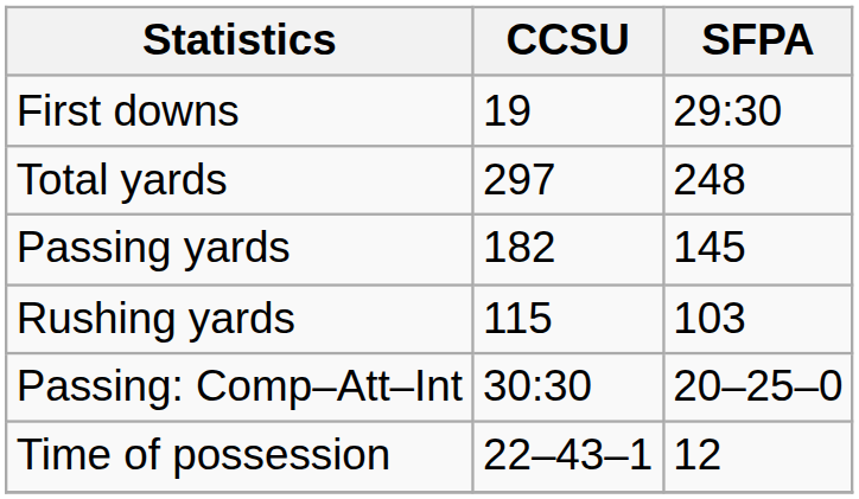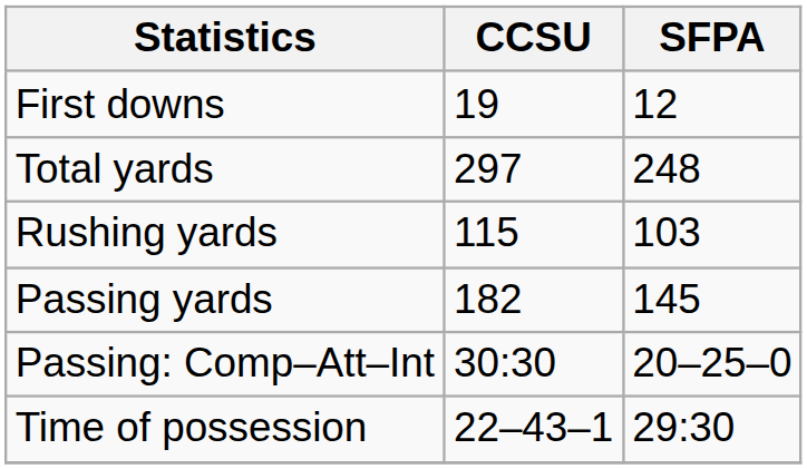 <table class="wikitable" style="float: left;">
 <tr>
 <th>Statistics</th>
 <th>CCSU</th>
 <th>SFPA</th>
 </tr>
 <tr>
 <td>First downs</td>
 <td>19</td>
-<td>29:30</td>
+<td>12</td>
 </tr>
 <tr>
 <td>Total yards</td>
 <td>297</td>
 <td>248</td>
 </tr>
 <tr>
+<td>Rushing yards</td>
+<td>115</td>
+<td>103</td>
+</tr>
+<tr>
 <td>Passing yards</td>
 <td>182</td>
 <td>145</td>
-</tr>
-<tr>
-<td>Rushing yards</td>
-<td>115</td>
-<td>103</td>
 </tr>
 <tr>
 <td>Passing: Comp–Att–Int</td>
 <td>30:30</td>
 <td>20–25–0</td>
 </tr>
 <tr>
 <td>Time of possession</td>
 <td>22–43–1</td>
-<td>12</td>
+<td>29:30</td>
 </tr>
 <tr>
 </tr>
 </table>
